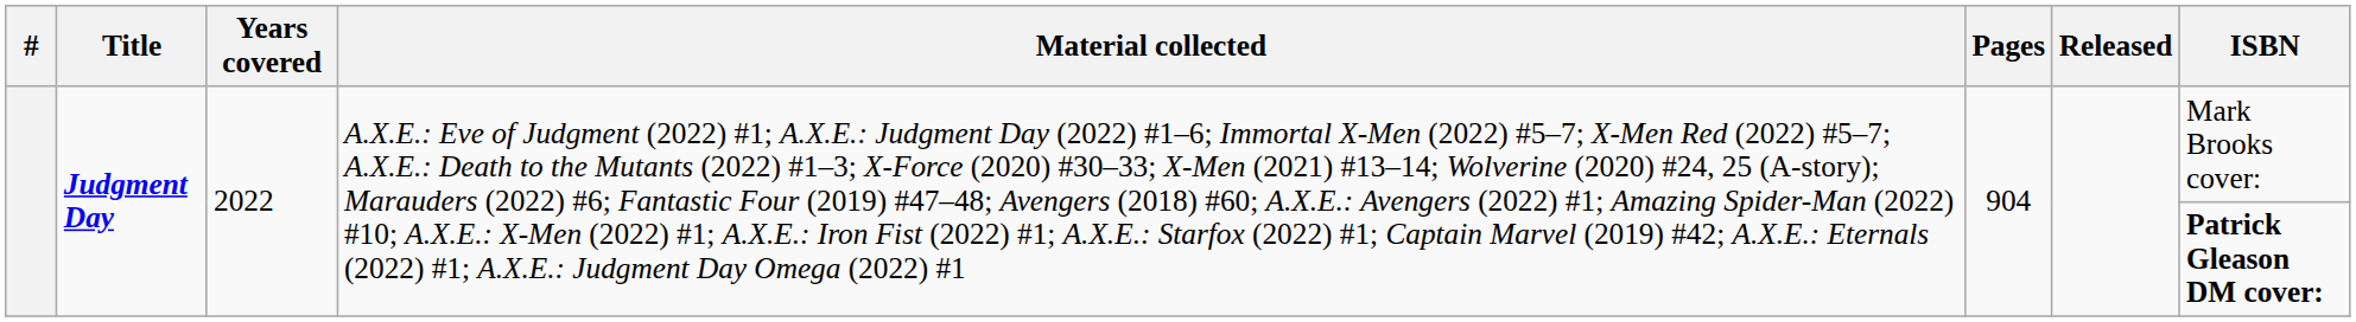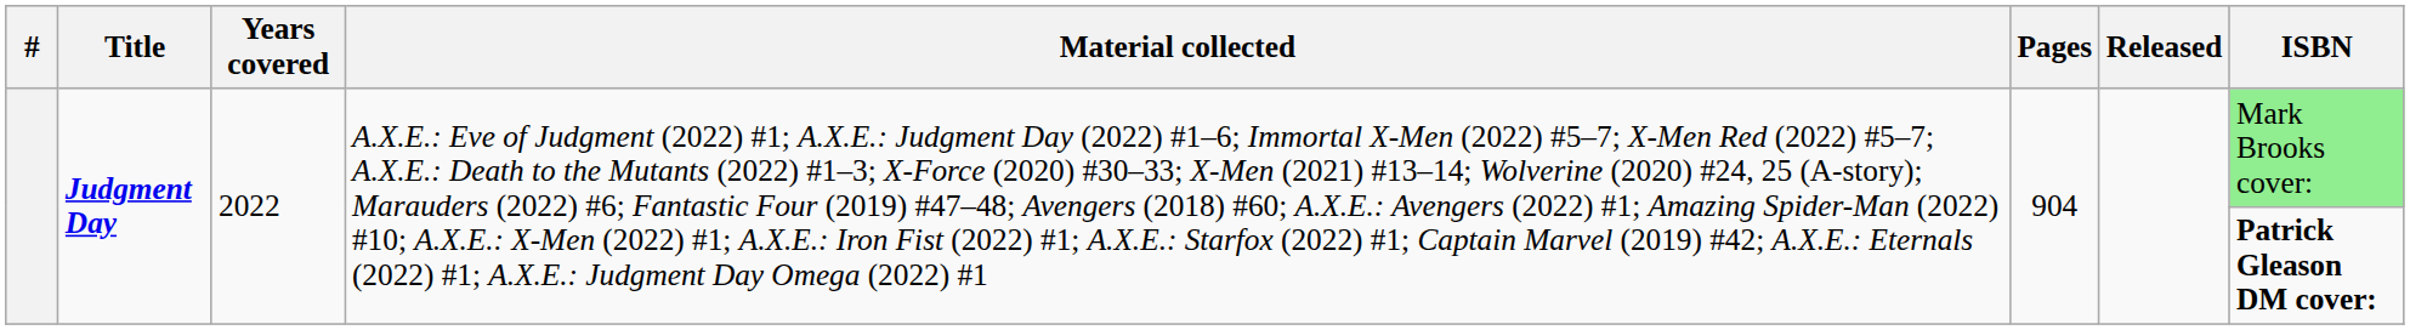 <table class="wikitable sortable" width="99%">
 <tr>
 <th class="unsortable" width="20px">#</th>
 <th>Title</th>
 <th>Years covered</th>
 <th class="unsortable">Material collected</th>
 <th>Pages</th>
 <th>Released</th>
 <th class="unsortable">ISBN</th>
 </tr>
 <tr>
 <th rowspan=2 style="background-color: light grey;"></th>
 <td rowspan=2><strong><em><a href='#'>Judgment Day</a></em></strong></td>
 <td rowspan=2>2022</td>
 <td rowspan=2><em>A.X.E.: Eve of Judgment</em> (2022) #1; <em>A.X.E.: Judgment Day</em> (2022) #1–6; <em>Immortal X-Men</em> (2022) #5–7; <em>X-Men Red</em> (2022) #5–7; <em>A.X.E.: Death to the Mutants</em> (2022) #1–3; <em>X-Force</em> (2020) #30–33; <em>X-Men</em> (2021) #13–14; <em>Wolverine</em> (2020) #24, 25 (A-story); <em>Marauders</em> (2022) #6; <em>Fantastic Four</em> (2019) #47–48; <em>Avengers</em> (2018) #60; <em>A.X.E.: Avengers</em> (2022) #1; <em>Amazing Spider-Man</em> (2022) #10; <em>A.X.E.: X-Men</em> (2022) #1; <em>A.X.E.: Iron Fist</em> (2022) #1; <em>A.X.E.: Starfox</em> (2022) #1; <em>Captain Marvel</em> (2019) #42; <em>A.X.E.: Eternals</em> (2022) #1; <em>A.X.E.: Judgment Day Omega</em> (2022) #1</td>
 <td rowspan=2 style="text-align: center;">904</td>
 <td rowspan=2></td>
-<td>Mark Brooks cover: </td>
+<td style="background: lightgreen;">Mark Brooks cover: </td>
 </tr>
 <tr>
 <td><strong>Patrick Gleason DM cover: </strong></td>
 </tr>
 </table>
